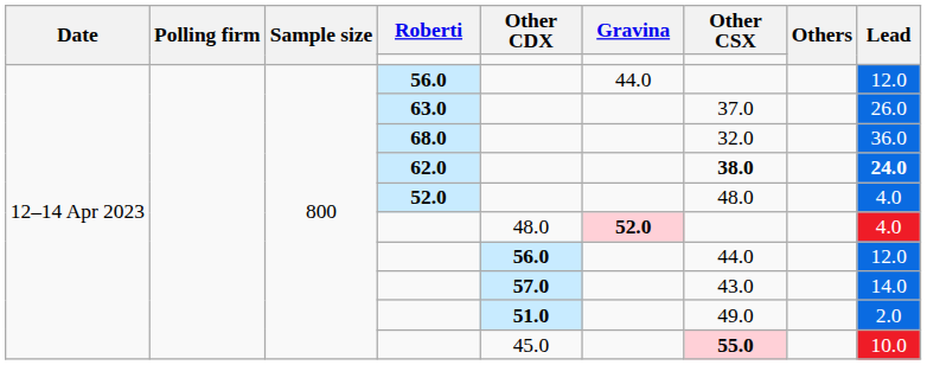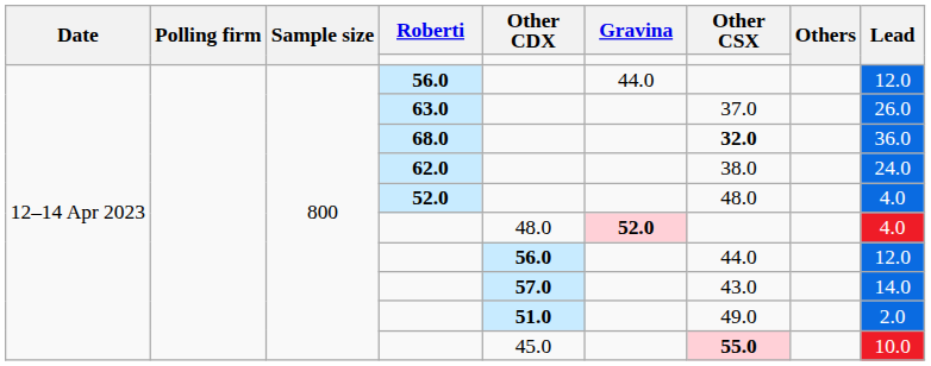 <table class="wikitable" style="text-align:center;font-size:85%;line-height:13px">
 <tr>
 <th rowspan="2">Date</th>
 <th rowspan="2">Polling firm</th>
 <th rowspan="2">Sample size</th>
 <th style="width:61px;"><a href='#'>Roberti</a></th>
 <th style="width:61px;">Other CDX</th>
 <th style="width:61px;"><a href='#'>Gravina</a></th>
 <th style="width:61px;">Other CSX</th>
 <th rowspan="2" style="width:35px;">Others</th>
 <th rowspan="2" style="width:35px;">Lead</th>
 </tr>
 <tr>
 <td></td>
 <td></td>
 <td></td>
 <td></td>
 </tr>
 <tr>
 <td rowspan=10>12–14 Apr 2023</td>
 <td rowspan=10></td>
 <td rowspan=10>800</td>
 <td style="background:#C8EBFF"><strong>56.0</strong></td>
 <td></td>
 <td>44.0</td>
 <td></td>
 <td></td>
 <td style="background:#0A6BE1; color:white;">12.0</td>
 </tr>
 <tr>
 <td style="background:#C8EBFF"><strong>63.0</strong></td>
 <td></td>
 <td></td>
 <td>37.0</td>
 <td></td>
 <td style="background:#0A6BE1; color:white;">26.0</td>
 </tr>
 <tr>
 <td style="background:#C8EBFF"><strong>68.0</strong></td>
 <td></td>
 <td></td>
-<td>32.0</td>
+<td><strong>32.0</strong></td>
 <td></td>
 <td style="background:#0A6BE1; color:white;">36.0</td>
 </tr>
 <tr>
 <td style="background:#C8EBFF"><strong>62.0</strong></td>
 <td></td>
 <td></td>
-<td><strong>38.0</strong></td>
+<td>38.0</td>
 <td></td>
-<td style="background:#0A6BE1; color:white;"><strong>24.0</strong></td>
+<td style="background:#0A6BE1; color:white;">24.0</td>
 </tr>
 <tr>
 <td style="background:#C8EBFF"><strong>52.0</strong></td>
 <td></td>
 <td></td>
 <td>48.0</td>
 <td></td>
 <td style="background:#0A6BE1; color:white;">4.0</td>
 </tr>
 <tr>
 <td></td>
 <td>48.0</td>
 <td style="background:#FFD0D7"><strong>52.0</strong></td>
 <td></td>
 <td></td>
 <td style="background:#EF1C27; color:white;">4.0</td>
 </tr>
 <tr>
 <td></td>
 <td style="background:#C8EBFF"><strong>56.0</strong></td>
 <td></td>
 <td>44.0</td>
 <td></td>
 <td style="background:#0A6BE1; color:white;">12.0</td>
 </tr>
 <tr>
 <td></td>
 <td style="background:#C8EBFF"><strong>57.0</strong></td>
 <td></td>
 <td>43.0</td>
 <td></td>
 <td style="background:#0A6BE1; color:white;">14.0</td>
 </tr>
 <tr>
 <td></td>
 <td style="background:#C8EBFF"><strong>51.0</strong></td>
 <td></td>
 <td>49.0</td>
 <td></td>
 <td style="background:#0A6BE1; color:white;">2.0</td>
 </tr>
 <tr>
 <td></td>
 <td>45.0</td>
 <td></td>
 <td style="background:#FFD0D7"><strong>55.0</strong></td>
 <td></td>
 <td style="background:#EF1C27; color:white;">10.0</td>
 </tr>
 </table>
